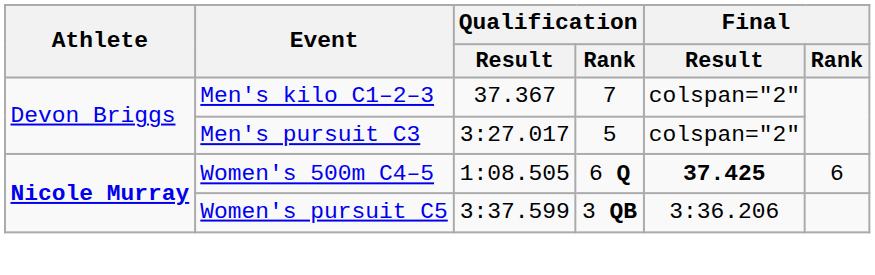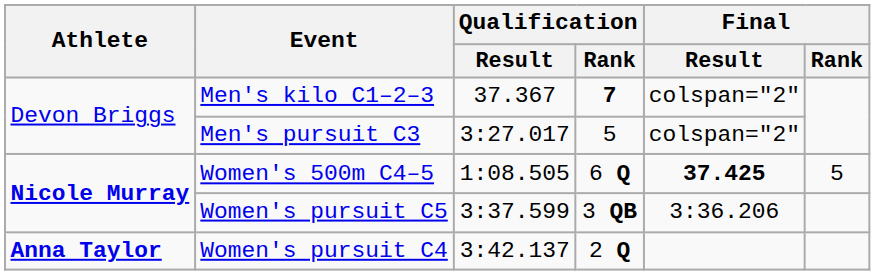 <table class="wikitable" style="font-size:90%;text-align:center;">
 <tr>
 <th rowspan="2">Athlete</th>
 <th rowspan="2">Event</th>
 <th colspan="2">Qualification</th>
 <th colspan="2">Final</th>
 </tr>
 <tr style="font-size:95%">
 <th>Result</th>
 <th>Rank</th>
 <th>Result</th>
 <th>Rank</th>
 </tr>
 <tr>
 <td style="text-align:left;" rowspan=2><a href='#'>Devon Briggs</a></td>
 <td style="text-align:left;"><a href='#'>Men's kilo C1–2–3</a></td>
 <td>37.367</td>
-<td>7</td>
+<td><strong>7</strong></td>
 <td>colspan="2" </td>
 </tr>
 <tr>
 <td style="text-align:left;"><a href='#'>Men's pursuit C3</a></td>
 <td>3:27.017</td>
 <td>5</td>
 <td>colspan="2"</td>
 </tr>
 <tr>
 <td style="text-align:left;" rowspan=2><strong><a href='#'>Nicole Murray</a></strong></td>
 <td style="text-align:left;"><a href='#'>Women's 500m C4–5</a></td>
 <td>1:08.505</td>
 <td>6 <strong>Q</strong></td>
 <td><strong>37.425</strong></td>
-<td>6</td>
+<td>5</td>
 </tr>
 <tr>
 <td style="text-align:left;"><a href='#'>Women's pursuit C5</a></td>
 <td>3:37.599</td>
 <td>3 <strong>QB</strong></td>
 <td>3:36.206</td>
 <td></td>
 </tr>
+<tr>
+<td style="text-align:left;"><strong><a href='#'>Anna Taylor</a></strong></td>
+<td style="text-align:left;"><a href='#'>Women's pursuit C4</a></td>
+<td>3:42.137</td>
+<td>2 <strong>Q</strong></td>
+<td></td>
+<td></td>
+</tr>
 </table>
